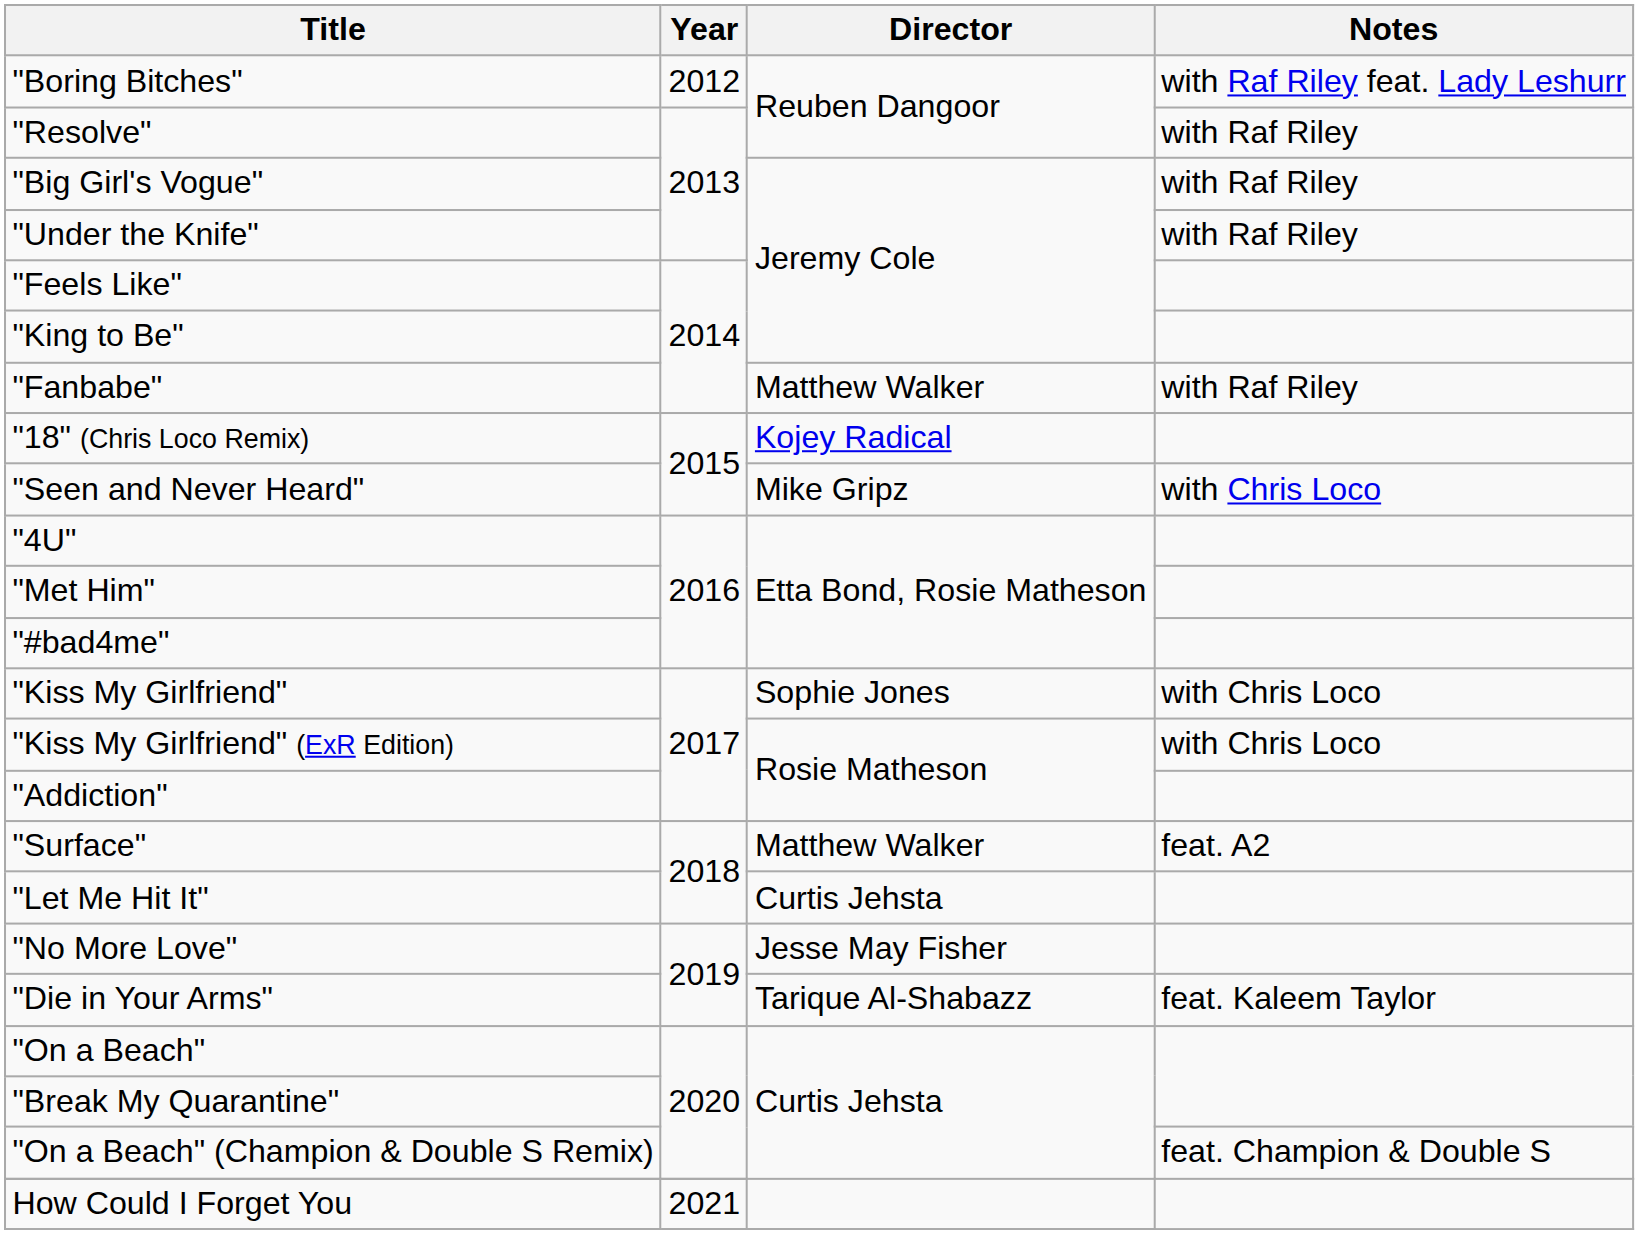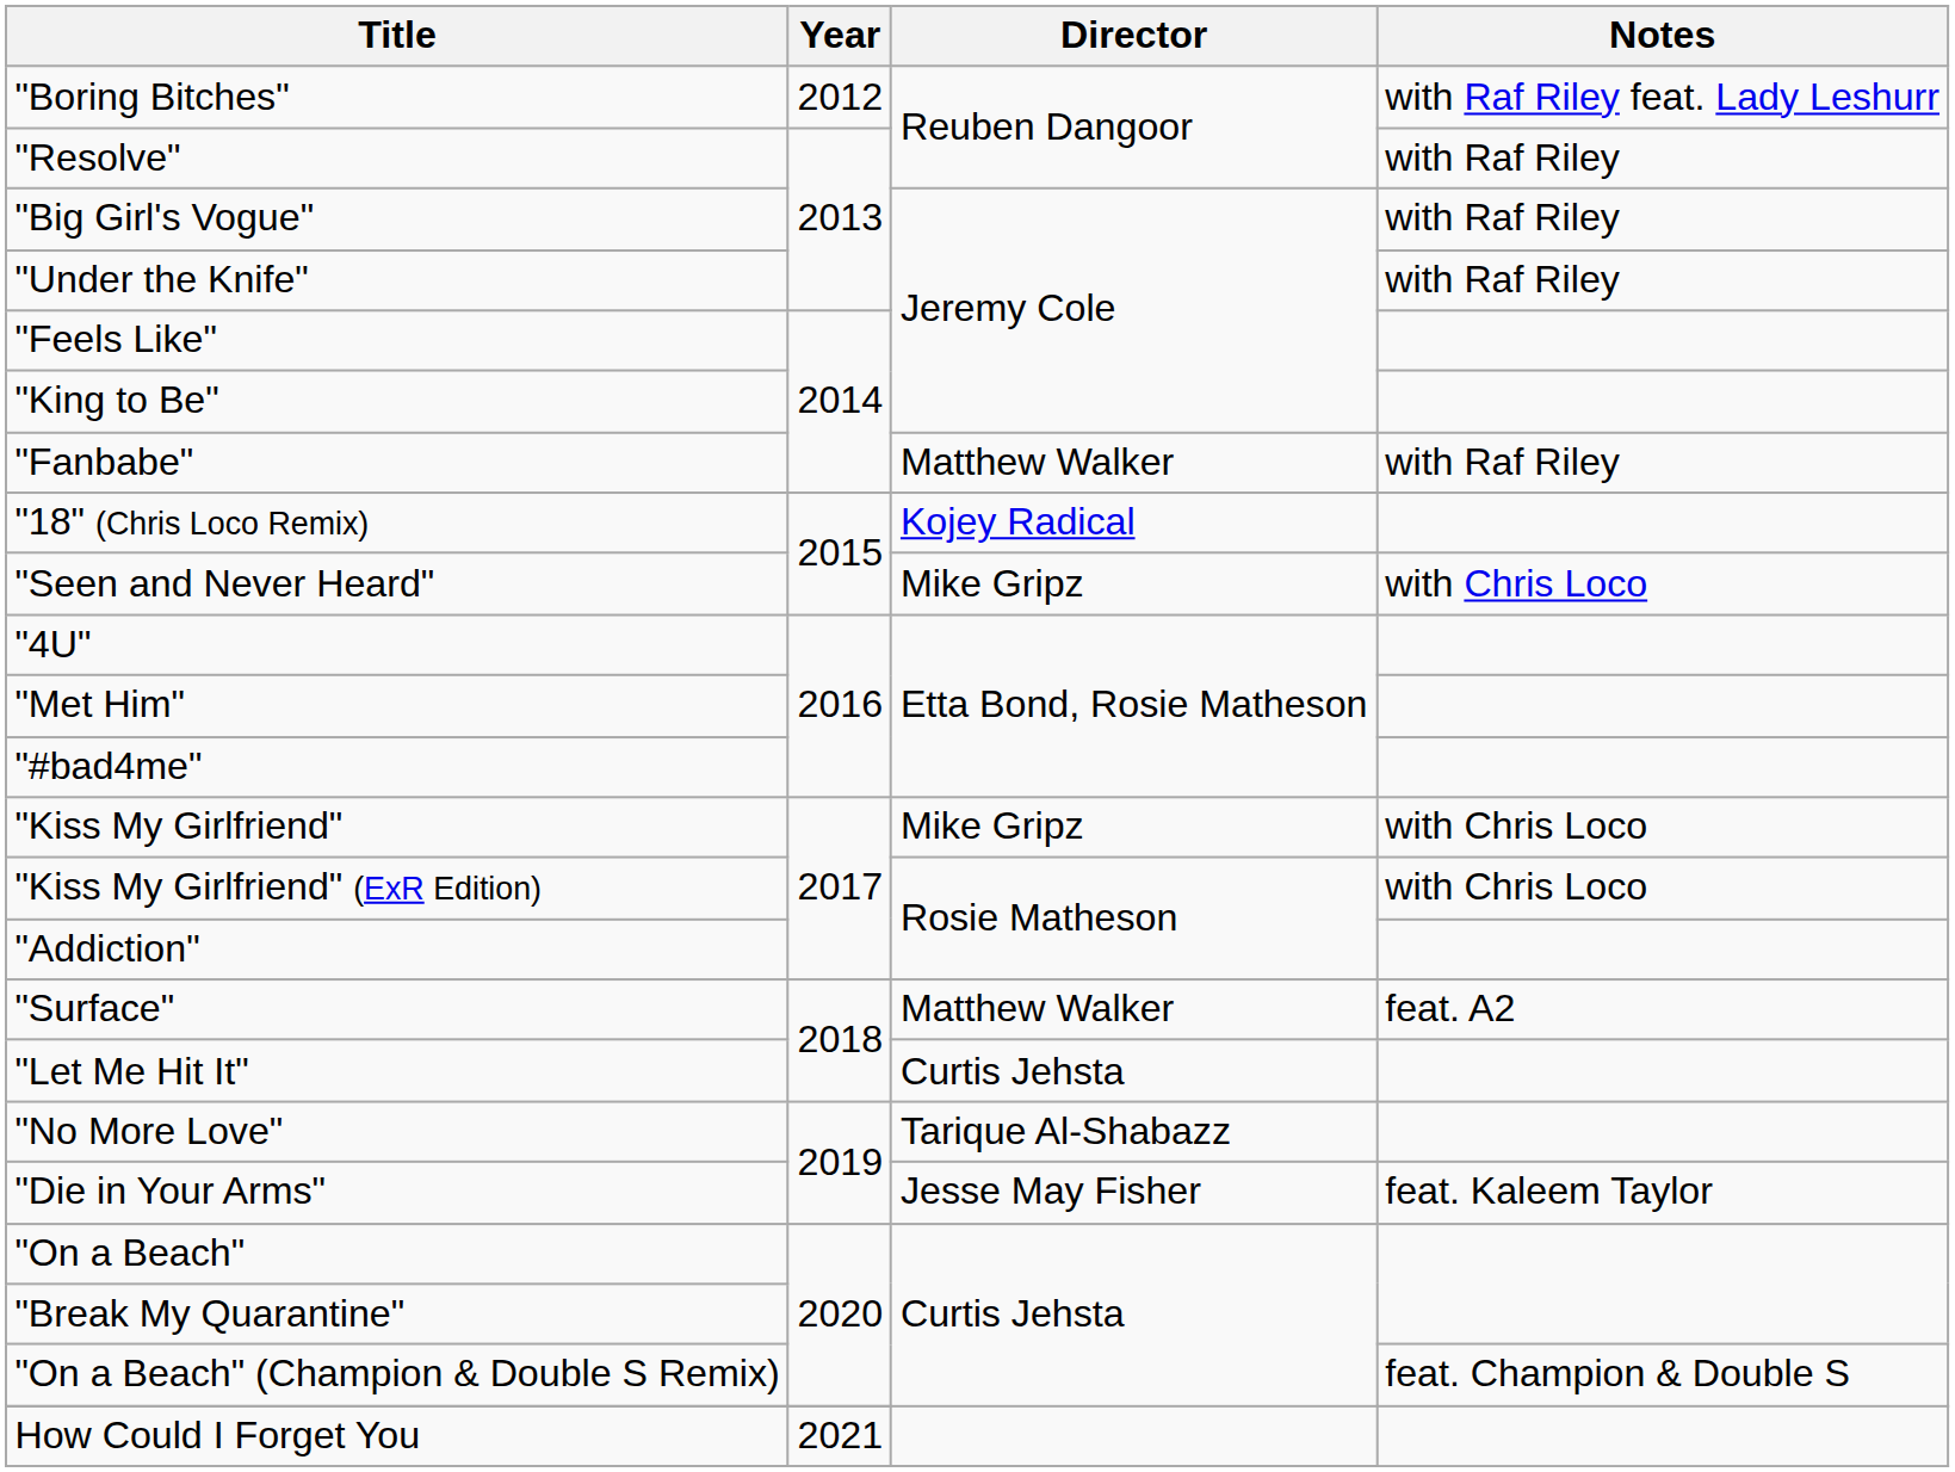 <table class="wikitable sortable plainrowheaders">
 <tr>
 <th style="text-align:center;">Title</th>
 <th style="text-align:center;">Year</th>
 <th style="text-align:center;">Director</th>
 <th class="unsortable" style="text-align:center;">Notes</th>
 </tr>
 <tr>
 <td>"Boring Bitches"</td>
 <td style="text-align:center;">2012</td>
 <td rowspan="2">Reuben Dangoor</td>
 <td>with <a href='#'>Raf Riley</a> feat. <a href='#'>Lady Leshurr</a></td>
 </tr>
 <tr>
 <td>"Resolve"</td>
 <td rowspan="3" style="text-align:center;">2013</td>
 <td>with Raf Riley</td>
 </tr>
 <tr>
 <td>"Big Girl's Vogue"</td>
 <td rowspan="4">Jeremy Cole</td>
 <td>with Raf Riley</td>
 </tr>
 <tr>
 <td>"Under the Knife"</td>
 <td>with Raf Riley </td>
 </tr>
 <tr>
 <td>"Feels Like"</td>
 <td rowspan="3" style="text-align:center;">2014</td>
 <td></td>
 </tr>
 <tr>
 <td>"King to Be"</td>
 <td></td>
 </tr>
 <tr>
 <td>"Fanbabe"</td>
 <td>Matthew Walker</td>
 <td>with Raf Riley </td>
 </tr>
 <tr>
 <td>"18" <small>(Chris Loco Remix)</small></td>
 <td rowspan="2" style="text-align:center;">2015</td>
 <td><a href='#'>Kojey Radical</a></td>
 <td></td>
 </tr>
 <tr>
 <td>"Seen and Never Heard"</td>
 <td>Mike Gripz</td>
 <td>with <a href='#'>Chris Loco</a></td>
 </tr>
 <tr>
 <td>"4U"</td>
 <td rowspan="3" style="text-align:center;">2016</td>
 <td rowspan="3">Etta Bond, Rosie Matheson</td>
 <td></td>
 </tr>
 <tr>
 <td>"Met Him"</td>
 <td></td>
 </tr>
 <tr>
 <td>"#bad4me"</td>
 <td></td>
 </tr>
 <tr>
 <td>"Kiss My Girlfriend"</td>
 <td rowspan="3" style="text-align:center;">2017</td>
-<td>Sophie Jones</td>
+<td>Mike Gripz</td>
 <td>with Chris Loco</td>
 </tr>
 <tr>
 <td>"Kiss My Girlfriend" <small>(<a href='#'>ExR</a> Edition)</small></td>
 <td rowspan="2">Rosie Matheson</td>
 <td>with Chris Loco</td>
 </tr>
 <tr>
 <td>"Addiction"</td>
 <td></td>
 </tr>
 <tr>
 <td>"Surface"</td>
 <td rowspan="2" style="text-align:center;">2018</td>
 <td>Matthew Walker</td>
 <td>feat. A2</td>
 </tr>
 <tr>
 <td>"Let Me Hit It"</td>
 <td>Curtis Jehsta</td>
 <td></td>
 </tr>
 <tr>
 <td>"No More Love"</td>
 <td rowspan="2" style="text-align:center;">2019</td>
-<td>Jesse May Fisher</td>
+<td>Tarique Al-Shabazz</td>
 </tr>
 <tr>
 <td>"Die in Your Arms"</td>
-<td>Tarique Al-Shabazz</td>
+<td>Jesse May Fisher</td>
 <td>feat. Kaleem Taylor</td>
 </tr>
 <tr>
 <td>"On a Beach"</td>
 <td rowspan="3" style="text-align:center;">2020</td>
 <td rowspan="4" style="text-align:left">Curtis Jehsta</td>
 </tr>
 <tr>
 <td>"Break My Quarantine"</td>
 </tr>
 <tr>
 <td>"On a Beach" (Champion & Double S Remix)</td>
 <td>feat. Champion & Double S</td>
 </tr>
 <tr>
 </tr>
 <tr>
 <td>How Could I Forget You</td>
 <td style="text-align:center;">2021</td>
 <td></td>
 </tr>
 <tr>
 </tr>
 </table>
